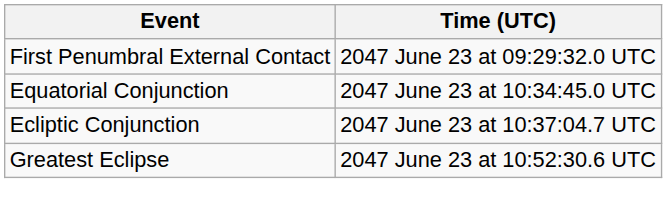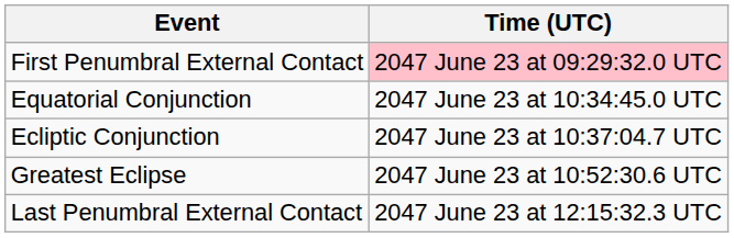 <table class="wikitable">
 <tr>
 <th>Event</th>
 <th>Time (UTC)</th>
 </tr>
 <tr>
 <td>First Penumbral External Contact</td>
-<td>2047 June 23 at 09:29:32.0 UTC</td>
+<td style="background: pink;">2047 June 23 at 09:29:32.0 UTC</td>
 </tr>
 <tr>
 <td>Equatorial Conjunction</td>
 <td>2047 June 23 at 10:34:45.0 UTC</td>
 </tr>
 <tr>
 <td>Ecliptic Conjunction</td>
 <td>2047 June 23 at 10:37:04.7 UTC</td>
 </tr>
 <tr>
 <td>Greatest Eclipse</td>
 <td>2047 June 23 at 10:52:30.6 UTC</td>
 </tr>
+<tr>
+<td>Last Penumbral External Contact</td>
+<td>2047 June 23 at 12:15:32.3 UTC</td>
+</tr>
 </table>
